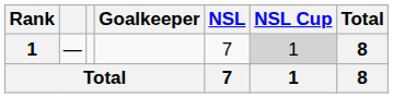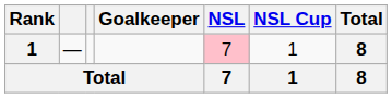 <table class="wikitable sortable" style="text-align:center">
 <tr>
 <th>Rank</th>
 <th></th>
 <th></th>
 <th>Goalkeeper</th>
 <th><a href='#'>NSL</a></th>
 <th><a href='#'>NSL Cup</a></th>
 <th>Total</th>
 </tr>
 <tr>
 <th>1</th>
 <td>—</td>
 <td></td>
 <td align="left"></td>
-<td>7</td>
-<td style="background: lightgrey;">1</td>
+<td style="background: pink;">7</td>
+<td>1</td>
 <th>8</th>
 </tr>
 <tr>
 <th colspan="4">Total</th>
 <th>7</th>
 <th>1</th>
 <th>8</th>
 </tr>
 </table>
